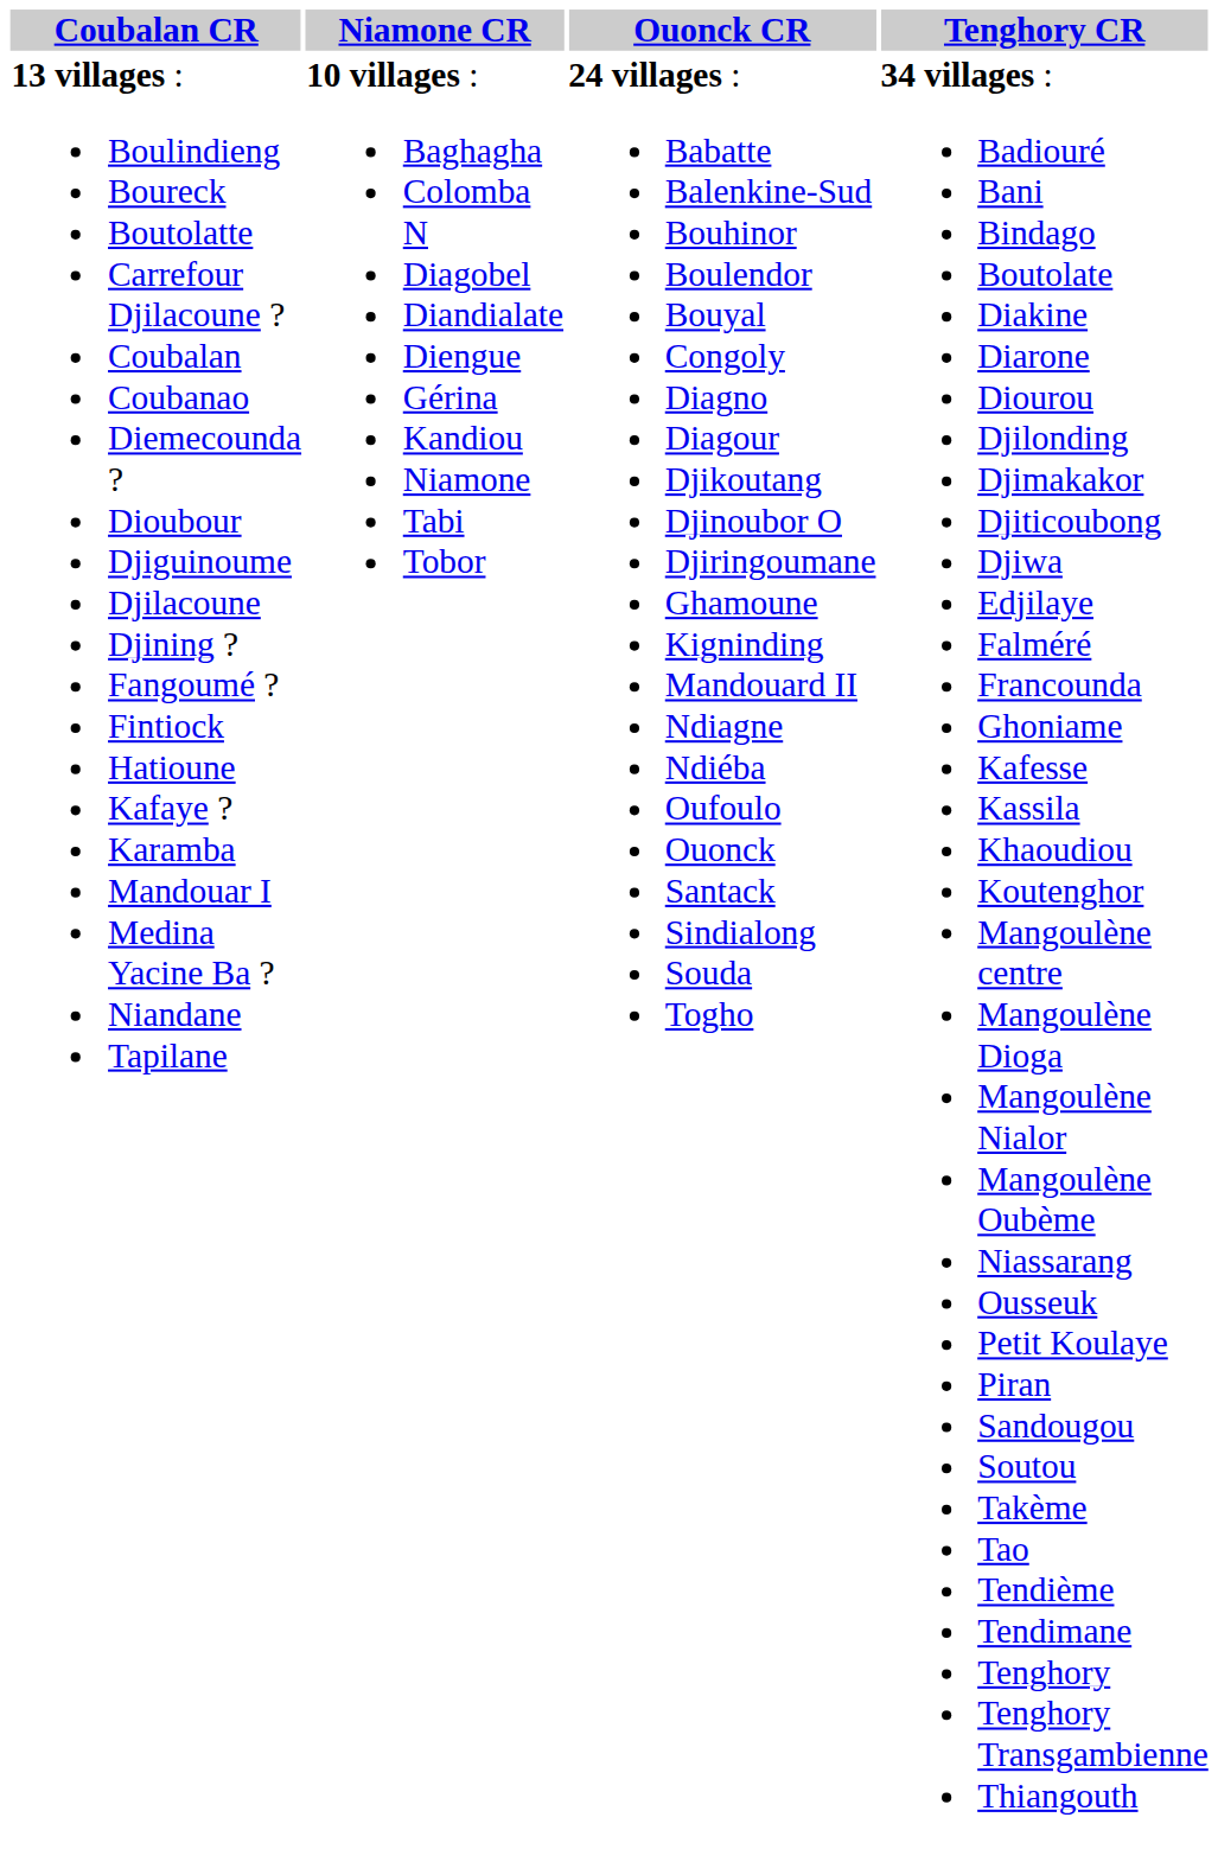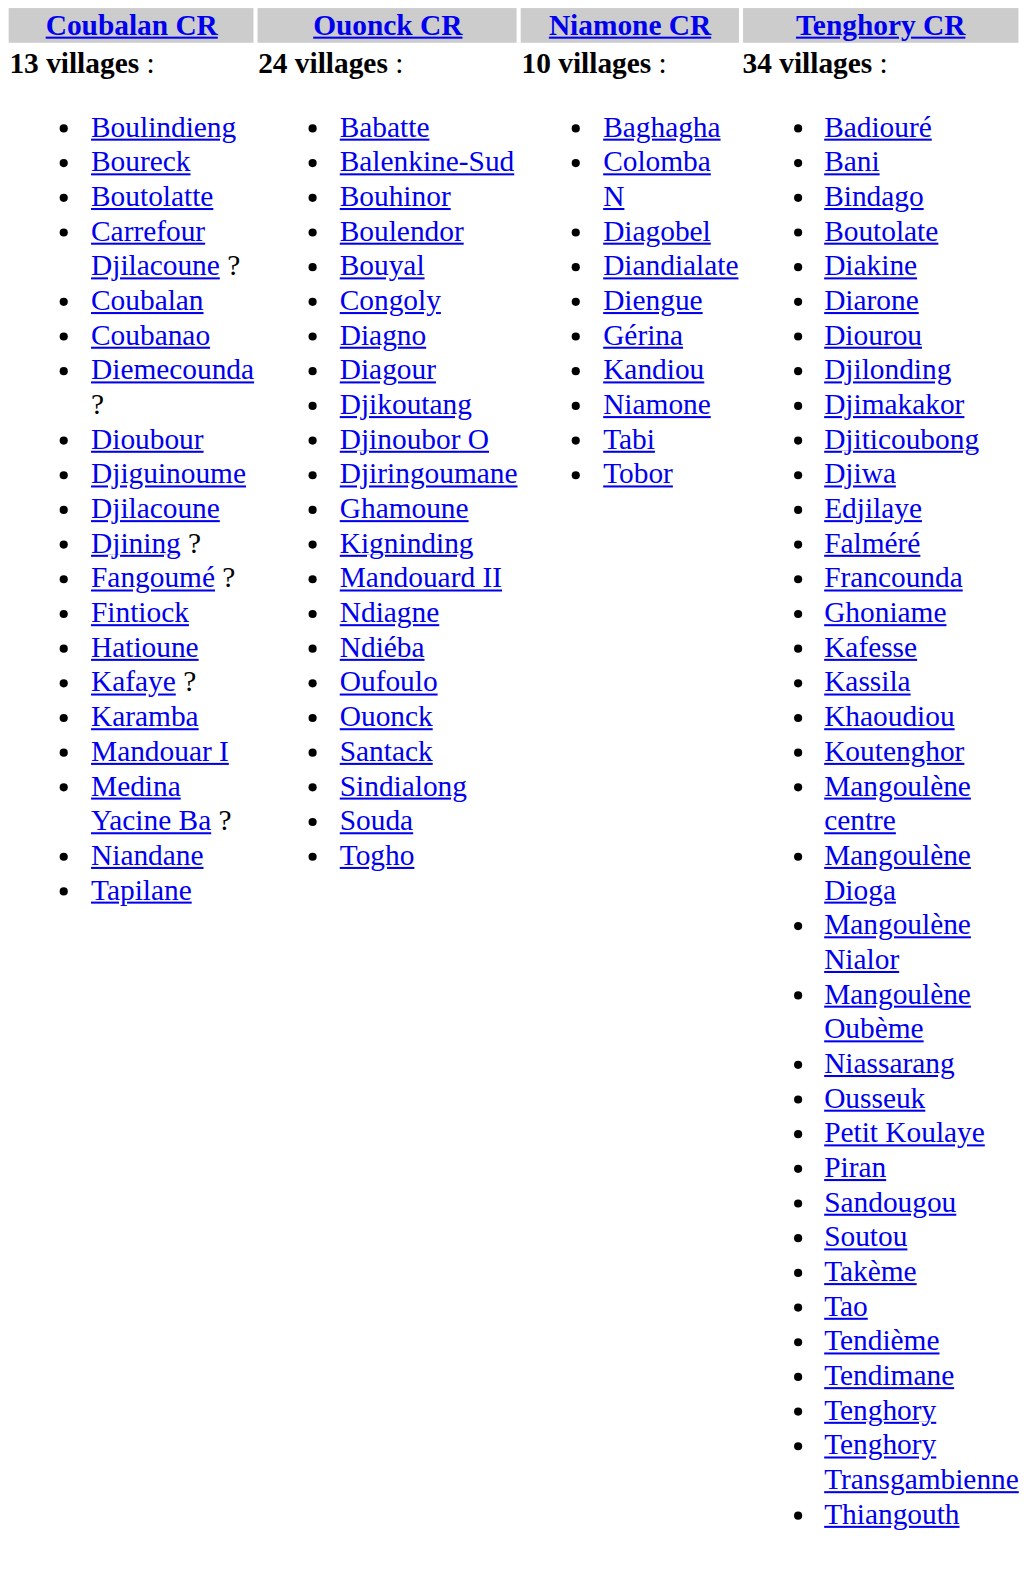 <table class="toc" cellpadding=0 cellspacing=2 width=450px style="padding: 0.5e text-align:left;clear:all; margin: 0 0 0.5em 1em;  background-color: #fff; font-size:90%">
 <tr bgcolor="cccccc">
 <th><a href='#'>Coubalan CR</a></th>
+<th><a href='#'>Ouonck CR</a></th>
 <th><a href='#'>Niamone CR</a></th>
-<th><a href='#'>Ouonck CR</a></th>
 <th><a href='#'>Tenghory CR</a></th>
 </tr>
 <tr>
 <td valign=top><strong>13 villages</strong> :<br><ul><li><a href='#'>Boulindieng</a></li><li><a href='#'>Boureck</a></li><li><a href='#'>Boutolatte</a></li><li><a href='#'>Carrefour Djilacoune</a> ?</li><li><a href='#'>Coubalan</a></li><li><a href='#'>Coubanao</a></li><li><a href='#'>Diemecounda</a> ?</li><li><a href='#'>Dioubour</a></li><li><a href='#'>Djiguinoume</a></li><li><a href='#'>Djilacoune</a></li><li><a href='#'>Djining</a> ?</li><li><a href='#'>Fangoumé</a> ?</li><li><a href='#'>Fintiock</a></li><li><a href='#'>Hatioune</a></li><li><a href='#'>Kafaye</a>  ?</li><li><a href='#'>Karamba</a></li><li><a href='#'>Mandouar I</a></li><li><a href='#'>Medina Yacine Ba</a> ?</li><li><a href='#'>Niandane</a></li><li><a href='#'>Tapilane</a></li></ul></td>
+<td valign=top><strong>24 villages</strong> :<br><ul><li><a href='#'>Babatte</a></li><li><a href='#'>Balenkine-Sud</a></li><li><a href='#'>Bouhinor</a></li><li><a href='#'>Boulendor</a></li><li><a href='#'>Bouyal</a></li><li><a href='#'>Congoly</a></li><li><a href='#'>Diagno</a></li><li><a href='#'>Diagour</a></li><li><a href='#'>Djikoutang</a></li><li><a href='#'>Djinoubor O</a></li><li><a href='#'>Djiringoumane</a></li><li><a href='#'>Ghamoune</a></li><li><a href='#'>Kigninding</a></li><li><a href='#'>Mandouard II</a></li><li><a href='#'>Ndiagne</a></li><li><a href='#'>Ndiéba</a></li><li><a href='#'>Oufoulo</a></li><li><a href='#'>Ouonck</a></li><li><a href='#'>Santack</a></li><li><a href='#'>Sindialong</a></li><li><a href='#'>Souda</a></li><li><a href='#'>Togho</a></li></ul></td>
 <td valign=top><strong>10 villages</strong> :<br><ul><li><a href='#'>Baghagha</a></li><li><a href='#'>Colomba N</a></li><li><a href='#'>Diagobel</a></li><li><a href='#'>Diandialate</a></li><li><a href='#'>Diengue</a></li><li><a href='#'>Gérina</a></li><li><a href='#'>Kandiou</a></li><li><a href='#'>Niamone</a></li><li><a href='#'>Tabi</a></li><li><a href='#'>Tobor</a></li></ul></td>
-<td valign=top><strong>24 villages</strong> :<br><ul><li><a href='#'>Babatte</a></li><li><a href='#'>Balenkine-Sud</a></li><li><a href='#'>Bouhinor</a></li><li><a href='#'>Boulendor</a></li><li><a href='#'>Bouyal</a></li><li><a href='#'>Congoly</a></li><li><a href='#'>Diagno</a></li><li><a href='#'>Diagour</a></li><li><a href='#'>Djikoutang</a></li><li><a href='#'>Djinoubor O</a></li><li><a href='#'>Djiringoumane</a></li><li><a href='#'>Ghamoune</a></li><li><a href='#'>Kigninding</a></li><li><a href='#'>Mandouard II</a></li><li><a href='#'>Ndiagne</a></li><li><a href='#'>Ndiéba</a></li><li><a href='#'>Oufoulo</a></li><li><a href='#'>Ouonck</a></li><li><a href='#'>Santack</a></li><li><a href='#'>Sindialong</a></li><li><a href='#'>Souda</a></li><li><a href='#'>Togho</a></li></ul></td>
 <td valign=top><strong>34 villages</strong> :<br><ul><li><a href='#'>Badiouré</a></li><li><a href='#'>Bani</a></li><li><a href='#'>Bindago</a></li><li><a href='#'>Boutolate</a></li><li><a href='#'>Diakine</a></li><li><a href='#'>Diarone</a></li><li><a href='#'>Diourou</a></li><li><a href='#'>Djilonding</a></li><li><a href='#'>Djimakakor</a></li><li><a href='#'>Djiticoubong</a></li><li><a href='#'>Djiwa</a></li><li><a href='#'>Edjilaye</a></li><li><a href='#'>Falméré</a></li><li><a href='#'>Francounda</a></li><li><a href='#'>Ghoniame</a></li><li><a href='#'>Kafesse</a></li><li><a href='#'>Kassila</a></li><li><a href='#'>Khaoudiou</a></li><li><a href='#'>Koutenghor</a></li><li><a href='#'>Mangoulène centre</a></li><li><a href='#'>Mangoulène Dioga</a></li><li><a href='#'>Mangoulène Nialor</a></li><li><a href='#'>Mangoulène Oubème</a></li><li><a href='#'>Niassarang</a></li><li><a href='#'>Ousseuk</a></li><li><a href='#'>Petit Koulaye</a></li><li><a href='#'>Piran</a></li><li><a href='#'>Sandougou</a></li><li><a href='#'>Soutou</a></li><li><a href='#'>Takème</a></li><li><a href='#'>Tao</a></li><li><a href='#'>Tendième</a></li><li><a href='#'>Tendimane</a></li><li><a href='#'>Tenghory</a></li><li><a href='#'>Tenghory Transgambienne</a></li><li><a href='#'>Thiangouth</a></li></ul></td>
 </tr>
 </table>
